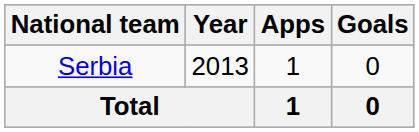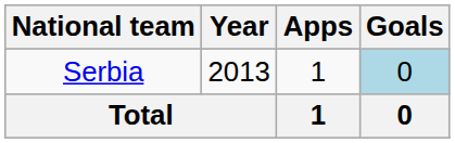 <table class="wikitable" style="text-align:center">
 <tr>
 <th>National team</th>
 <th>Year</th>
 <th>Apps</th>
 <th>Goals</th>
 </tr>
 <tr>
 <td rowspan="1"><a href='#'>Serbia</a></td>
 <td>2013</td>
 <td>1</td>
-<td>0</td>
+<td style="background: lightblue;">0</td>
 </tr>
 <tr>
 <th colspan="2">Total</th>
 <th>1</th>
 <th>0</th>
 </tr>
 </table>
